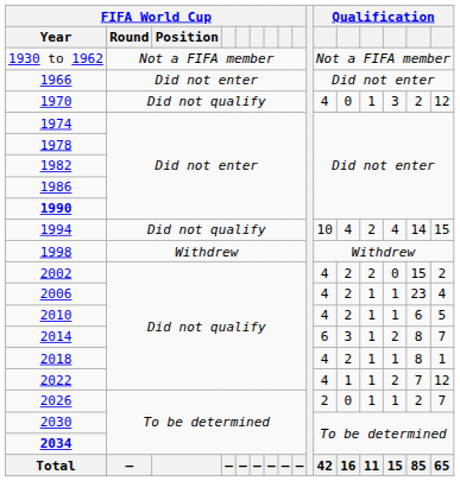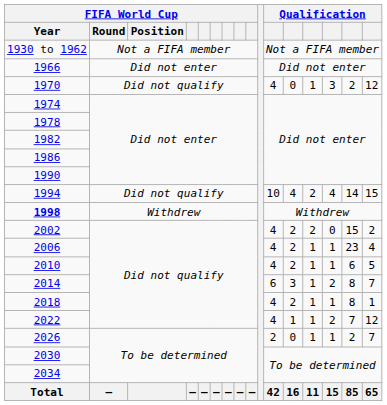 <table class="wikitable" style="text-align: center;">
 <tr>
 <th colspan=9><a href='#'>FIFA World Cup</a></th>
 <th rowspan=28></th>
 <th colspan=6><a href='#'>Qualification</a></th>
 </tr>
 <tr>
 <th>Year</th>
 <th>Round</th>
 <th>Position</th>
 <th></th>
 <th></th>
 <th></th>
 <th></th>
 <th></th>
 <th></th>
 <th></th>
 <th></th>
 <th></th>
 <th></th>
 <th></th>
 <th></th>
 </tr>
 <tr>
 <td><a href='#'>1930</a> to <a href='#'>1962</a></td>
 <td colspan=8><em>Not a FIFA member</em></td>
 <td colspan=6><em>Not a FIFA member</em></td>
 </tr>
 <tr>
 <td> <a href='#'>1966</a></td>
 <td colspan=8><em>Did not enter</em></td>
 <td colspan=6><em>Did not enter</em></td>
 </tr>
 <tr>
 <td> <a href='#'>1970</a></td>
 <td colspan=8><em>Did not qualify</em></td>
 <td>4</td>
 <td>0</td>
 <td>1</td>
 <td>3</td>
 <td>2</td>
 <td>12</td>
 </tr>
 <tr>
 <td> <a href='#'>1974</a></td>
 <td colspan=8 rowspan=5><em>Did not enter</em></td>
 <td colspan=6 rowspan=5><em>Did not enter</em></td>
 </tr>
 <tr>
 <td> <a href='#'>1978</a></td>
 </tr>
 <tr>
 <td> <a href='#'>1982</a></td>
 </tr>
 <tr>
 <td> <a href='#'>1986</a></td>
 </tr>
 <tr>
-<td><strong> <a href='#'>1990</a></strong></td>
+<td> <a href='#'>1990</a></td>
 </tr>
 <tr>
 <td> <a href='#'>1994</a></td>
 <td colspan=8><em>Did not qualify</em></td>
 <td>10</td>
 <td>4</td>
 <td>2</td>
 <td>4</td>
 <td>14</td>
 <td>15</td>
 </tr>
 <tr>
-<td> <a href='#'>1998</a></td>
+<td><strong> <a href='#'>1998</a></strong></td>
 <td colspan=8><em>Withdrew</em></td>
 <td colspan=6><em>Withdrew</em></td>
 </tr>
 <tr>
 <td>  <a href='#'>2002</a></td>
 <td colspan=8 rowspan=6><em>Did not qualify</em></td>
 <td>4</td>
 <td>2</td>
 <td>2</td>
 <td>0</td>
 <td>15</td>
 <td>2</td>
 </tr>
 <tr>
 <td> <a href='#'>2006</a></td>
 <td>4</td>
 <td>2</td>
 <td>1</td>
 <td>1</td>
 <td>23</td>
 <td>4</td>
 </tr>
 <tr>
 <td> <a href='#'>2010</a></td>
 <td>4</td>
 <td>2</td>
 <td>1</td>
 <td>1</td>
 <td>6</td>
 <td>5</td>
 </tr>
 <tr>
 <td> <a href='#'>2014</a></td>
 <td>6</td>
 <td>3</td>
 <td>1</td>
 <td>2</td>
 <td>8</td>
 <td>7</td>
 </tr>
 <tr>
 <td> <a href='#'>2018</a></td>
 <td>4</td>
 <td>2</td>
 <td>1</td>
 <td>1</td>
 <td>8</td>
 <td>1</td>
 </tr>
 <tr>
 <td> <a href='#'>2022</a></td>
 <td>4</td>
 <td>1</td>
 <td>1</td>
 <td>2</td>
 <td>7</td>
 <td>12</td>
 </tr>
 <tr>
 <td>   <a href='#'>2026</a></td>
 <td colspan=8 rowspan=3><em>To be determined</em></td>
 <td>2</td>
 <td>0</td>
 <td>1</td>
 <td>1</td>
 <td>2</td>
 <td>7</td>
 </tr>
 <tr>
 <td>   <a href='#'>2030</a></td>
 <td colspan=6 rowspan=2><em>To be determined</em></td>
 </tr>
 <tr>
-<td><strong> <a href='#'>2034</a></strong></td>
+<td> <a href='#'>2034</a></td>
 </tr>
 <tr>
 <th>Total</th>
 <th>–</th>
 <th></th>
 <th>–</th>
 <th>–</th>
 <th>–</th>
 <th>–</th>
 <th>–</th>
 <th>–</th>
 <th>42</th>
 <th>16</th>
 <th>11</th>
 <th>15</th>
 <th>85</th>
 <th>65</th>
 </tr>
 </table>
